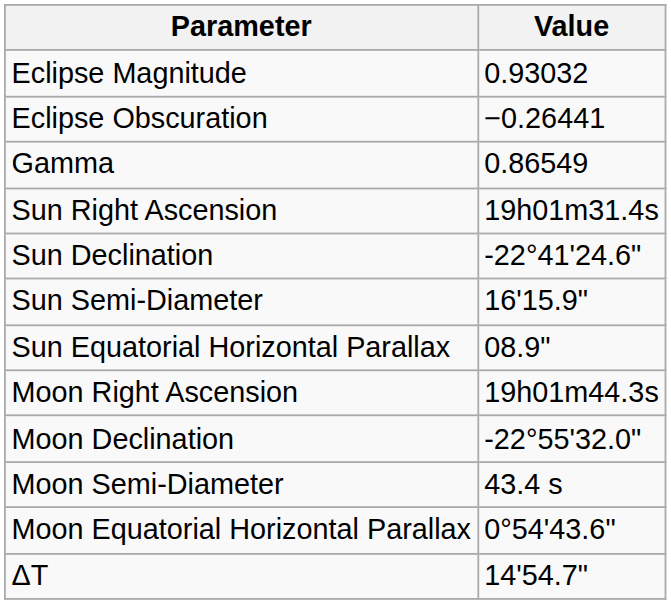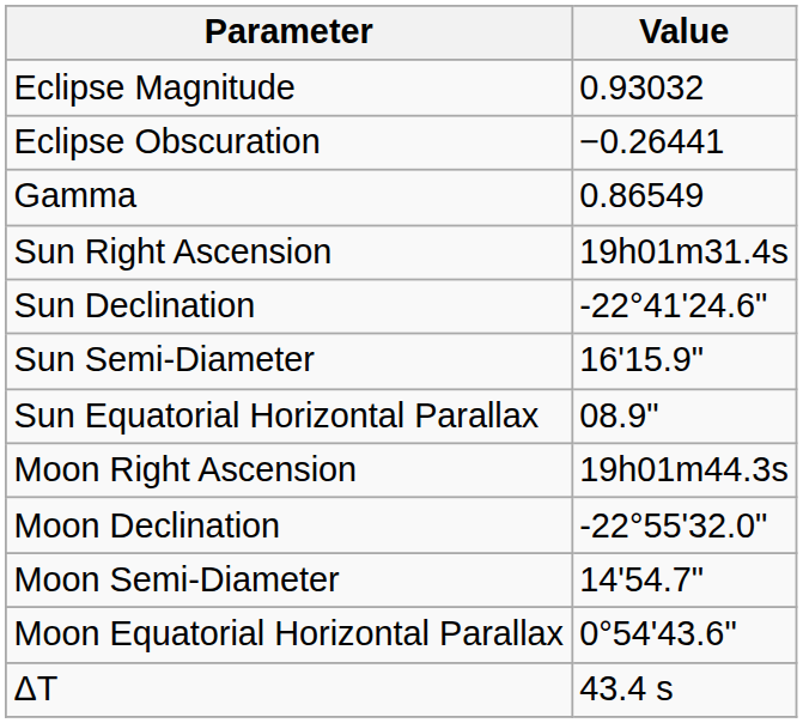 <table class="wikitable">
 <tr>
 <th>Parameter</th>
 <th>Value</th>
 </tr>
 <tr>
 <td>Eclipse Magnitude</td>
 <td>0.93032</td>
 </tr>
 <tr>
 <td>Eclipse Obscuration</td>
 <td>−0.26441</td>
 </tr>
 <tr>
 <td>Gamma</td>
 <td>0.86549</td>
 </tr>
 <tr>
 <td>Sun Right Ascension</td>
 <td>19h01m31.4s</td>
 </tr>
 <tr>
 <td>Sun Declination</td>
 <td>-22°41'24.6"</td>
 </tr>
 <tr>
 <td>Sun Semi-Diameter</td>
 <td>16'15.9"</td>
 </tr>
 <tr>
 <td>Sun Equatorial Horizontal Parallax</td>
 <td>08.9"</td>
 </tr>
 <tr>
 <td>Moon Right Ascension</td>
 <td>19h01m44.3s</td>
 </tr>
 <tr>
 <td>Moon Declination</td>
 <td>-22°55'32.0"</td>
 </tr>
 <tr>
 <td>Moon Semi-Diameter</td>
-<td>43.4 s</td>
+<td>14'54.7"</td>
 </tr>
 <tr>
 <td>Moon Equatorial Horizontal Parallax</td>
 <td>0°54'43.6"</td>
 </tr>
 <tr>
 <td>ΔT</td>
-<td>14'54.7"</td>
+<td>43.4 s</td>
 </tr>
 </table>
